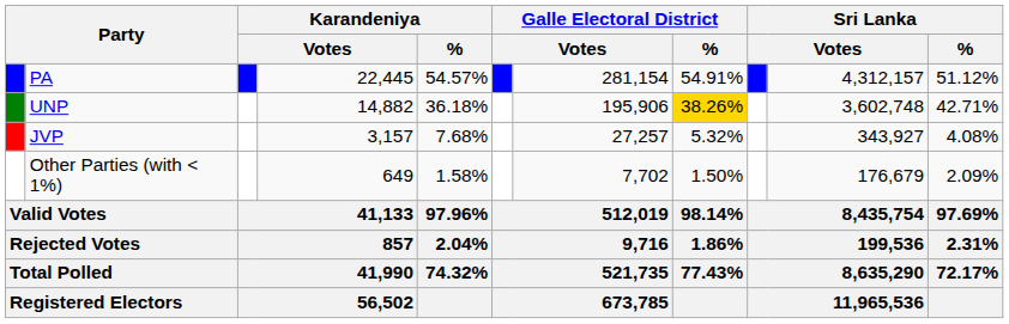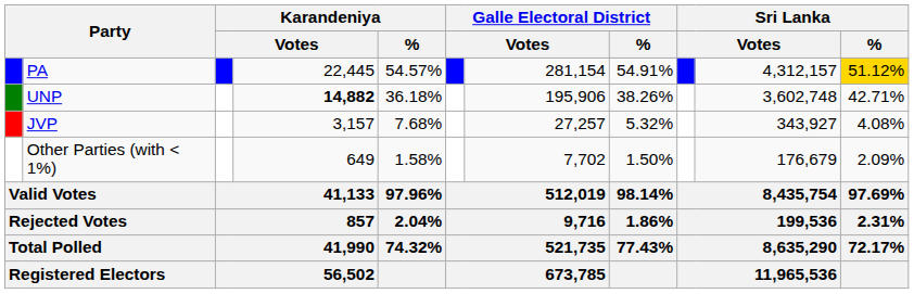 <table class="wikitable">
 <tr>
 <th colspan="2" width="144px"rowspan="2">Party</th>
 <th colspan="3" width="216px">Karandeniya</th>
 <th colspan="3" width="216px"><a href='#'>Galle Electoral District</a></th>
 <th colspan="3" width="216px">Sri Lanka</th>
 </tr>
 <tr>
 <th colspan="2" width="144px">Votes</th>
 <th>%</th>
 <th colspan="2" width="144px">Votes</th>
 <th>%</th>
 <th colspan="2" width="144px">Votes</th>
 <th>%</th>
 </tr>
 <tr>
 <td style="background-color:blue;" width="10px"></td>
 <td style="text-align:left;"><a href='#'>PA</a></td>
 <td style="background-color:blue;" width="10px"></td>
 <td style="text-align:right;">22,445</td>
 <td style="text-align:right;">54.57%</td>
 <td style="background-color:blue;" width="10px"></td>
 <td style="text-align:right;">281,154</td>
 <td style="text-align:right;">54.91%</td>
 <td style="background-color:blue;" width="10px"></td>
 <td style="text-align:right;">4,312,157</td>
-<td style="text-align:right;">51.12%</td>
+<td style="background: gold; text-align:right;">51.12%</td>
 </tr>
 <tr>
 <td style="background-color:green;" width="10px"></td>
 <td style="text-align:left;"><a href='#'>UNP</a></td>
 <td style="background-color:white;" width="10px"></td>
-<td style="text-align:right;">14,882</td>
+<td style="text-align:right;"><strong>14,882</strong></td>
 <td style="text-align:right;">36.18%</td>
 <td style="background-color:white;" width="10px"></td>
 <td style="text-align:right;">195,906</td>
-<td style="background: gold; text-align:right;">38.26%</td>
+<td style="text-align:right;">38.26%</td>
 <td style="background-color:white;" width="10px"></td>
 <td style="text-align:right;">3,602,748</td>
 <td style="text-align:right;">42.71%</td>
 </tr>
 <tr>
 <td style="background-color:red;" width="10px"></td>
 <td style="text-align:left;"><a href='#'>JVP</a></td>
 <td style="background-color:white;" width="10px"></td>
 <td style="text-align:right;">3,157</td>
 <td style="text-align:right;">7.68%</td>
 <td style="background-color:white;" width="10px"></td>
 <td style="text-align:right;">27,257</td>
 <td style="text-align:right;">5.32%</td>
 <td style="background-color:white;" width="10px"></td>
 <td style="text-align:right;">343,927</td>
 <td style="text-align:right;">4.08%</td>
 </tr>
 <tr>
 <td style="background-color:white;" width="10px"></td>
 <td style="text-align:left;">Other Parties (with < 1%)</td>
 <td style="background-color:white;" width="10px"></td>
 <td style="text-align:right;">649</td>
 <td style="text-align:right;">1.58%</td>
 <td style="background-color:white;" width="10px"></td>
 <td style="text-align:right;">7,702</td>
 <td style="text-align:right;">1.50%</td>
 <td style="background-color:white;" width="10px"></td>
 <td style="text-align:right;">176,679</td>
 <td style="text-align:right;">2.09%</td>
 </tr>
 <tr>
 <th colspan="2" width="144px"style="text-align:left;">Valid Votes</th>
 <th style="text-align:right;"colspan="2" width="144px">41,133</th>
 <th style="text-align:right;">97.96%</th>
 <th style="text-align:right;"colspan="2" width="144px">512,019</th>
 <th style="text-align:right;">98.14%</th>
 <th style="text-align:right;"colspan="2" width="144px">8,435,754</th>
 <th style="text-align:right;">97.69%</th>
 </tr>
 <tr>
 <th colspan="2" width="144px"style="text-align:left;">Rejected Votes</th>
 <th style="text-align:right;"colspan="2" width="144px">857</th>
 <th style="text-align:right;">2.04%</th>
 <th style="text-align:right;"colspan="2" width="144px">9,716</th>
 <th style="text-align:right;">1.86%</th>
 <th style="text-align:right;"colspan="2" width="144px">199,536</th>
 <th style="text-align:right;">2.31%</th>
 </tr>
 <tr>
 <th colspan="2" width="144px"style="text-align:left;">Total Polled</th>
 <th style="text-align:right;"colspan="2" width="144px">41,990</th>
 <th style="text-align:right;">74.32%</th>
 <th style="text-align:right;"colspan="2" width="144px">521,735</th>
 <th style="text-align:right;">77.43%</th>
 <th style="text-align:right;"colspan="2" width="144px">8,635,290</th>
 <th style="text-align:right;">72.17%</th>
 </tr>
 <tr>
 <th colspan="2" width="144px"style="text-align:left;">Registered Electors</th>
 <th style="text-align:right;"colspan="2" width="144px">56,502</th>
 <th></th>
 <th style="text-align:right;"colspan="2" width="144px">673,785</th>
 <th></th>
 <th style="text-align:right;"colspan="2" width="144px">11,965,536</th>
 <th></th>
 </tr>
 </table>
